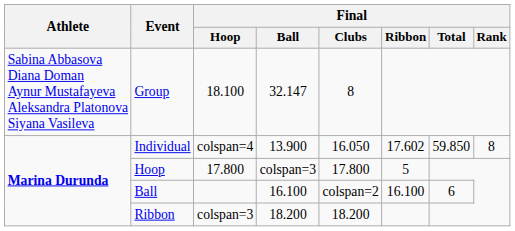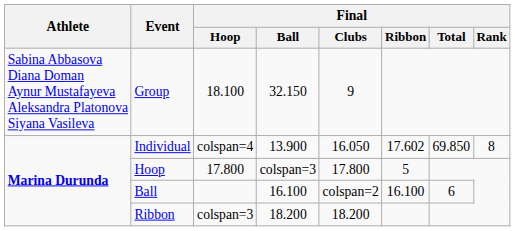 <table class=wikitable style="font-size:90%">
 <tr>
 <th rowspan="2">Athlete</th>
 <th rowspan="2">Event</th>
 <th colspan=6>Final</th>
 </tr>
 <tr style="font-size:95%">
 <th>Hoop</th>
 <th>Ball</th>
 <th>Clubs</th>
 <th>Ribbon</th>
 <th>Total</th>
 <th>Rank</th>
 </tr>
 <tr align=center>
 <td align=left><a href='#'>Sabina Abbasova</a><br><a href='#'>Diana Doman</a><br><a href='#'>Aynur Mustafayeva</a><br><a href='#'>Aleksandra Platonova</a><br><a href='#'>Siyana Vasileva</a></td>
 <td align=left><a href='#'>Group</a></td>
 <td>18.100</td>
-<td>32.147</td>
-<td>8</td>
+<td>32.150</td>
+<td>9</td>
 </tr>
 <tr align=center>
 <td align=left rowspan=4><strong><a href='#'>Marina Durunda</a></strong></td>
 <td align=left><a href='#'>Individual</a></td>
 <td>colspan=4 </td>
 <td>13.900</td>
 <td>16.050</td>
 <td>17.602</td>
-<td>59.850</td>
+<td>69.850</td>
 <td>8</td>
 </tr>
 <tr align=center>
 <td align=left><a href='#'>Hoop</a></td>
 <td>17.800</td>
 <td>colspan=3 </td>
 <td>17.800</td>
 <td>5</td>
 </tr>
 <tr align=center>
 <td align=left><a href='#'>Ball</a></td>
 <td></td>
 <td>16.100</td>
 <td>colspan=2 </td>
 <td>16.100</td>
 <td>6</td>
 </tr>
 <tr align=center>
 <td align=left><a href='#'>Ribbon</a></td>
 <td>colspan=3 </td>
 <td>18.200</td>
 <td>18.200</td>
 <td></td>
 </tr>
 </table>
